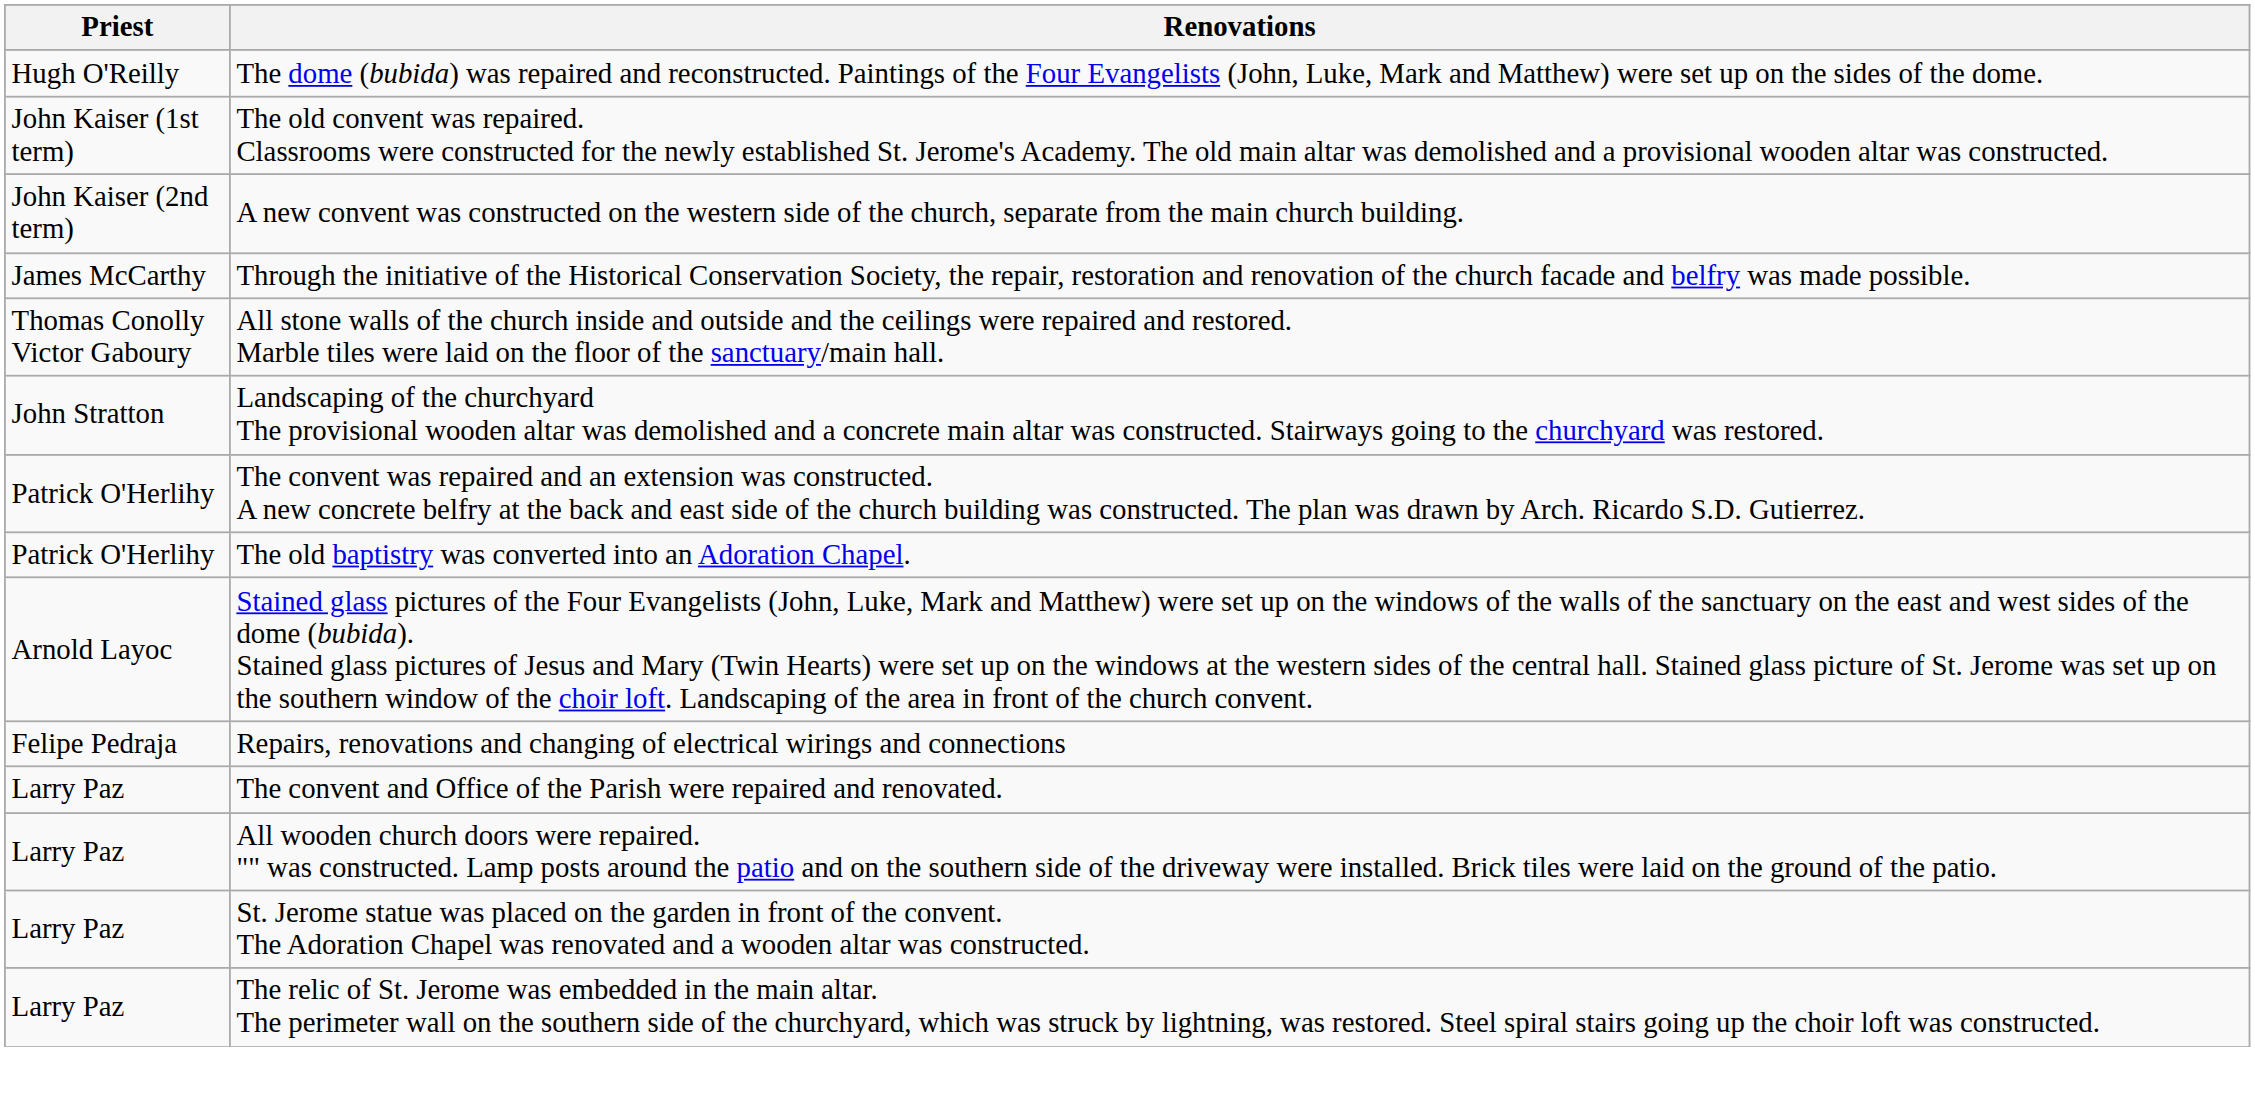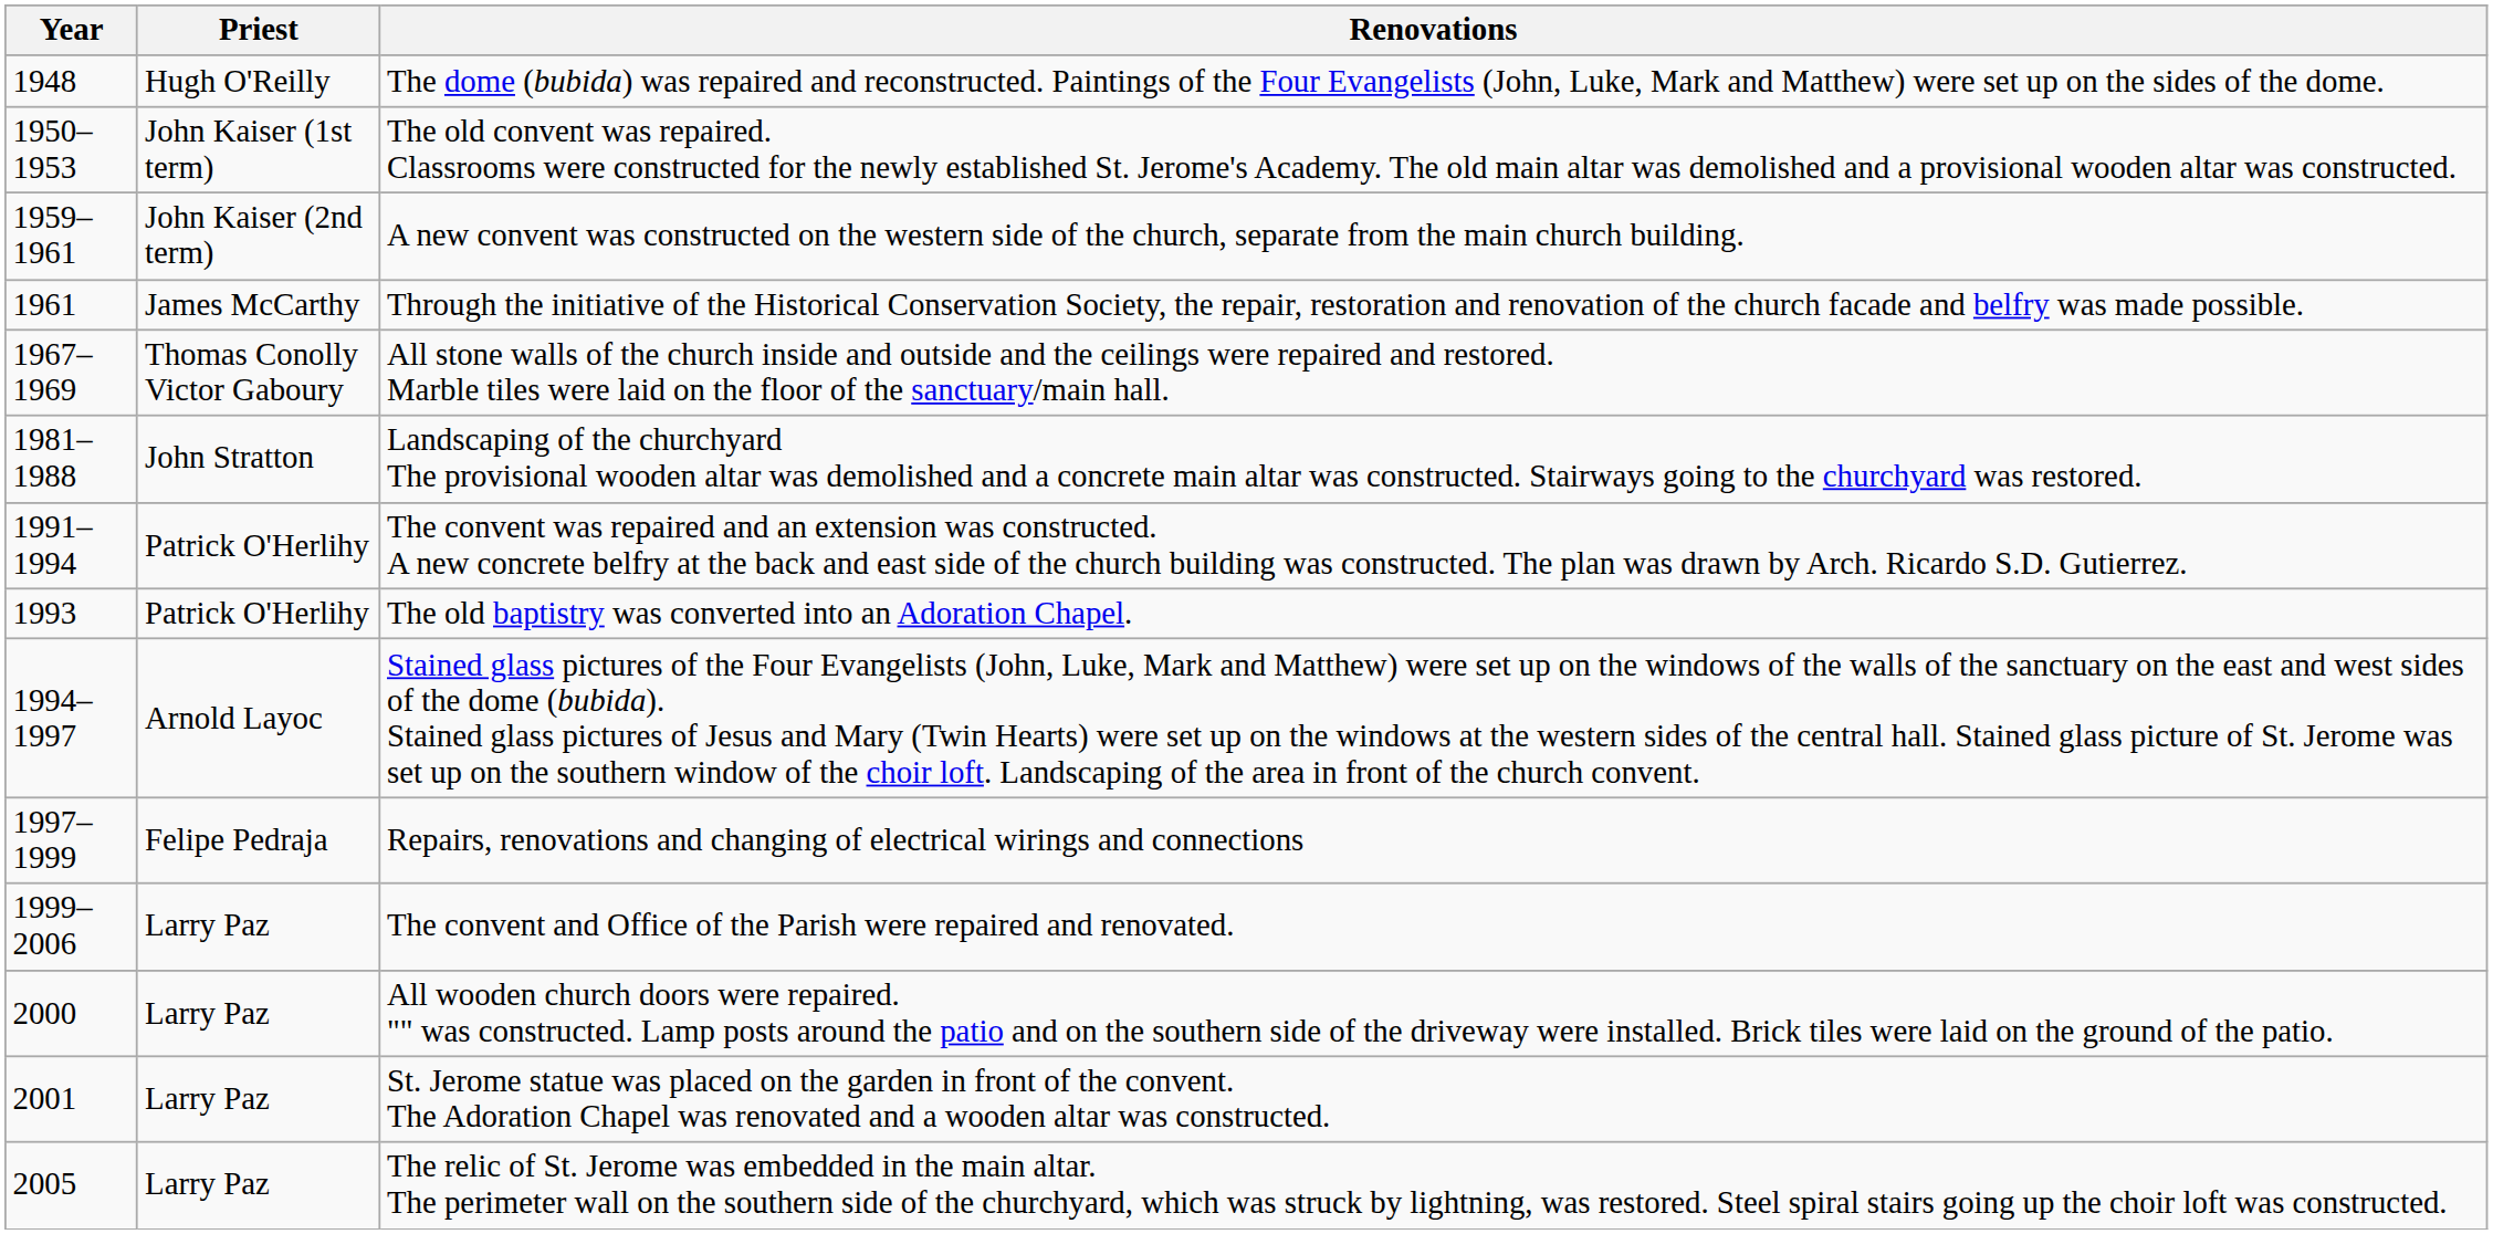 <table class="wikitable">
 <tr>
+<th>Year</th>
 <th>Priest</th>
 <th>Renovations</th>
 </tr>
 <tr>
+<td>1948</td>
 <td>Hugh O'Reilly</td>
 <td>The <a href='#'>dome</a> (<em>bubida</em>) was repaired and reconstructed. Paintings of the <a href='#'>Four Evangelists</a> (John, Luke, Mark and Matthew) were set up on the sides of the dome.</td>
 </tr>
 <tr>
+<td>1950–1953</td>
 <td>John Kaiser (1st term)</td>
 <td>The old convent was repaired.<br>Classrooms were constructed for the newly established St. Jerome's Academy. The old main altar was demolished and a provisional wooden altar was constructed.</td>
 </tr>
 <tr>
+<td>1959–1961</td>
 <td>John Kaiser (2nd term)</td>
 <td>A new convent was constructed on the western side of the church, separate from the main church building.</td>
 </tr>
 <tr>
+<td>1961</td>
 <td>James McCarthy</td>
 <td>Through the initiative of the Historical Conservation Society, the repair, restoration and renovation of the church facade and <a href='#'>belfry</a> was made possible.</td>
 </tr>
 <tr>
+<td>1967–1969</td>
 <td>Thomas Conolly<br>Victor Gaboury</td>
 <td>All stone walls of the church inside and outside and the ceilings were repaired and restored.<br>Marble tiles were laid on the floor of the <a href='#'>sanctuary</a>/main hall.</td>
 </tr>
 <tr>
+<td>1981–1988</td>
 <td>John Stratton</td>
 <td>Landscaping of the churchyard<br>The provisional wooden altar was demolished and a concrete main altar was constructed. Stairways going to the <a href='#'>churchyard</a> was restored.</td>
 </tr>
 <tr>
+<td>1991–1994</td>
 <td>Patrick O'Herlihy</td>
 <td>The convent was repaired and an extension was constructed.<br>A new concrete belfry at the back and east side of the church building was constructed. The plan was drawn by Arch. Ricardo S.D. Gutierrez.</td>
 </tr>
 <tr>
+<td>1993</td>
 <td>Patrick O'Herlihy</td>
 <td>The old <a href='#'>baptistry</a> was converted into an <a href='#'>Adoration Chapel</a>.</td>
 </tr>
 <tr>
+<td>1994–1997</td>
 <td>Arnold Layoc</td>
 <td><a href='#'>Stained glass</a> pictures of the Four Evangelists (John, Luke, Mark and Matthew) were set up on the windows of the walls of the sanctuary on the east and west sides of the dome (<em>bubida</em>).<br>Stained glass pictures of Jesus and Mary (Twin Hearts) were set up on the windows at the western sides of the central hall. Stained glass picture of St. Jerome was set up on the southern window of the <a href='#'>choir loft</a>. Landscaping of the area in front of the church convent.</td>
 </tr>
 <tr>
+<td>1997–1999</td>
 <td>Felipe Pedraja</td>
 <td>Repairs, renovations and changing of electrical wirings and connections</td>
 </tr>
 <tr>
+<td>1999–2006</td>
 <td>Larry Paz</td>
 <td>The convent and Office of the Parish were repaired and renovated.</td>
 </tr>
 <tr>
+<td>2000</td>
 <td>Larry Paz</td>
 <td>All wooden church doors were repaired.<br>"" was constructed. Lamp posts around the <a href='#'>patio</a> and on the southern side of the driveway were installed. Brick tiles were laid on the ground of the patio.</td>
 </tr>
 <tr>
+<td>2001</td>
 <td>Larry Paz</td>
 <td>St. Jerome statue was placed on the garden in front of the convent.<br>The Adoration Chapel was renovated and a wooden altar was constructed.</td>
 </tr>
 <tr>
+<td>2005</td>
 <td>Larry Paz</td>
 <td>The relic of St. Jerome was embedded in the main altar.<br>The perimeter wall on the southern side of the churchyard, which was struck by lightning, was restored. Steel spiral stairs going up the choir loft was constructed.</td>
 </tr>
 </table>
